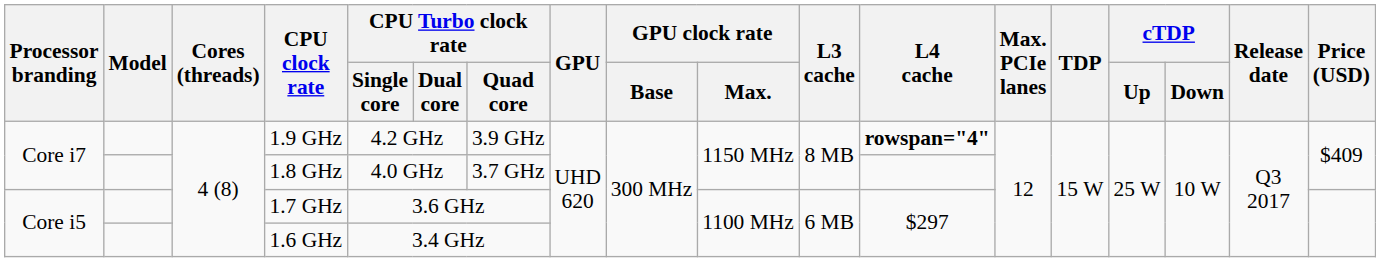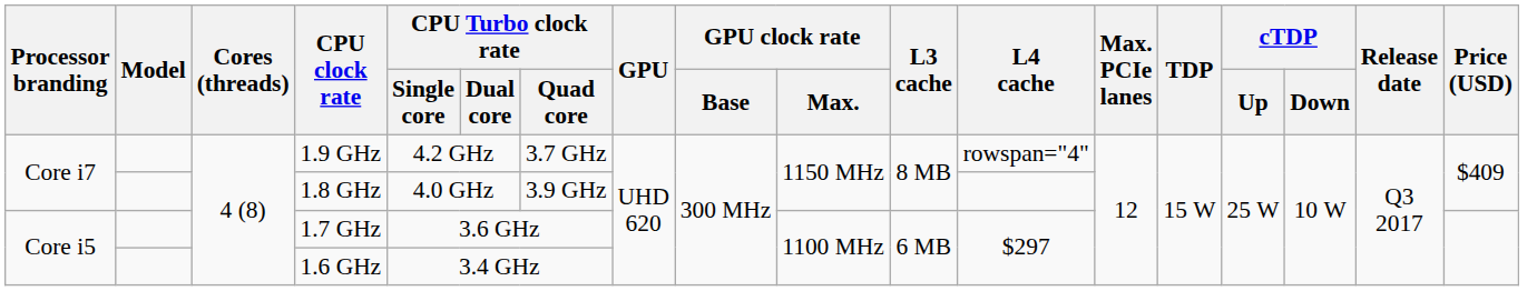 <table class="wikitable sortable" style="text-align: center;">
 <tr>
 <th rowspan="2">Processor<br>branding</th>
 <th rowspan="2">Model</th>
 <th rowspan="2">Cores<br>(threads)</th>
 <th rowspan="2">CPU<br><a href='#'>clock<br>rate</a></th>
 <th colspan="3">CPU <a href='#'>Turbo</a> clock rate</th>
 <th rowspan="2">GPU</th>
 <th colspan="2">GPU clock rate</th>
 <th rowspan="2">L3<br>cache</th>
 <th rowspan="2">L4<br>cache</th>
 <th rowspan="2">Max.<br>PCIe<br>lanes</th>
 <th rowspan="2">TDP</th>
 <th colspan="2"><a href='#'>cTDP</a></th>
 <th rowspan="2">Release<br>date</th>
 <th rowspan="2">Price<br>(USD)</th>
 </tr>
 <tr>
 <th>Single<br>core</th>
 <th>Dual<br>core</th>
 <th>Quad<br>core</th>
 <th>Base</th>
 <th>Max.</th>
 <th>Up</th>
 <th>Down</th>
 </tr>
 <tr>
 <td rowspan="2">Core i7</td>
 <td></td>
 <td rowspan="4">4 (8)</td>
 <td>1.9 GHz</td>
 <td colspan="2">4.2 GHz</td>
-<td>3.9 GHz</td>
+<td>3.7 GHz</td>
 <td rowspan="4">UHD 620</td>
 <td rowspan="4">300 MHz</td>
 <td rowspan="2">1150 MHz</td>
 <td rowspan="2">8 MB</td>
-<td><strong>rowspan="4" </strong></td>
+<td>rowspan="4" </td>
 <td rowspan="4">12</td>
 <td rowspan="4">15 W</td>
 <td rowspan="4">25 W</td>
 <td rowspan="4">10 W</td>
 <td rowspan="4">Q3 2017</td>
 <td rowspan="2">$409</td>
 </tr>
 <tr>
 <td></td>
 <td>1.8 GHz</td>
 <td colspan="2">4.0 GHz</td>
-<td>3.7 GHz</td>
+<td>3.9 GHz</td>
 </tr>
 <tr>
 <td rowspan="2">Core i5</td>
 <td></td>
 <td>1.7 GHz</td>
 <td colspan="3">3.6 GHz</td>
 <td rowspan="2">1100 MHz</td>
 <td rowspan="2">6 MB</td>
 <td rowspan="2">$297</td>
 </tr>
 <tr>
 <td></td>
 <td>1.6 GHz</td>
 <td colspan="3">3.4 GHz</td>
 </tr>
 </table>
